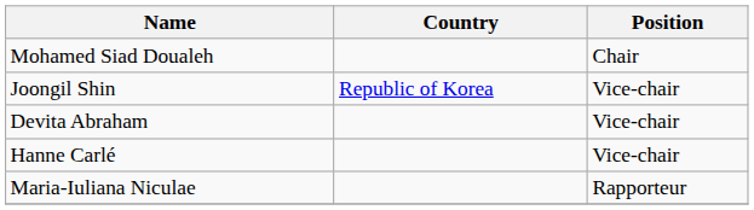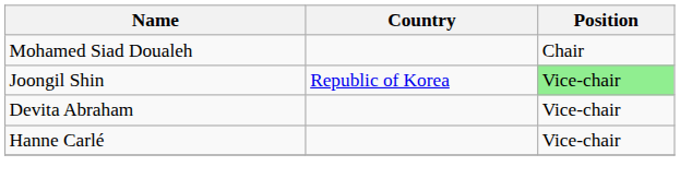 <table class="wikitable" style="display: inline-table; width: 45%">
 <tr>
 <th>Name</th>
 <th>Country</th>
 <th>Position</th>
 </tr>
 <tr>
 <td>Mohamed Siad Doualeh</td>
 <td></td>
 <td>Chair</td>
 </tr>
 <tr>
 <td>Joongil Shin</td>
 <td> <a href='#'>Republic of Korea</a></td>
-<td>Vice-chair</td>
+<td style="background: lightgreen;">Vice-chair</td>
 </tr>
 <tr>
 <td>Devita Abraham</td>
 <td></td>
 <td>Vice-chair</td>
 </tr>
 <tr>
 <td>Hanne Carlé</td>
 <td></td>
 <td>Vice-chair</td>
 </tr>
 <tr>
-<td>Maria‑Iuliana Niculae</td>
-<td></td>
-<td>Rapporteur</td>
-</tr>
-<tr>
 </tr>
 </table>
